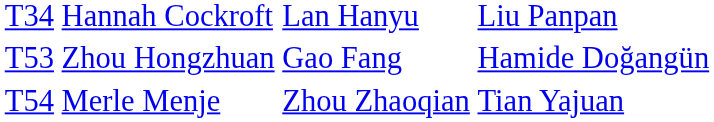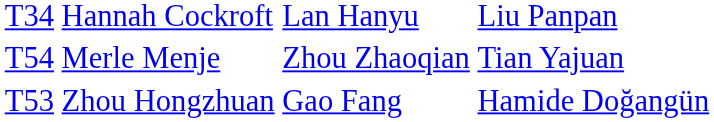 <table>
 <tr>
 <td><a href='#'>T34</a></td>
 <td><a href='#'>Hannah Cockroft</a><br></td>
 <td><a href='#'>Lan Hanyu</a><br></td>
 <td><a href='#'>Liu Panpan</a><br></td>
 </tr>
 <tr>
+<td><a href='#'>T54</a></td>
+<td><a href='#'>Merle Menje</a><br></td>
+<td><a href='#'>Zhou Zhaoqian</a><br></td>
+<td><a href='#'>Tian Yajuan</a><br></td>
+</tr>
+<tr>
 <td><a href='#'>T53</a></td>
 <td><a href='#'>Zhou Hongzhuan</a><br></td>
 <td><a href='#'>Gao Fang</a><br></td>
 <td><a href='#'>Hamide Doğangün</a><br></td>
 </tr>
-<tr>
-<td><a href='#'>T54</a></td>
-<td><a href='#'>Merle Menje</a><br></td>
-<td><a href='#'>Zhou Zhaoqian</a><br></td>
-<td><a href='#'>Tian Yajuan</a><br></td>
-</tr>
 </table>
